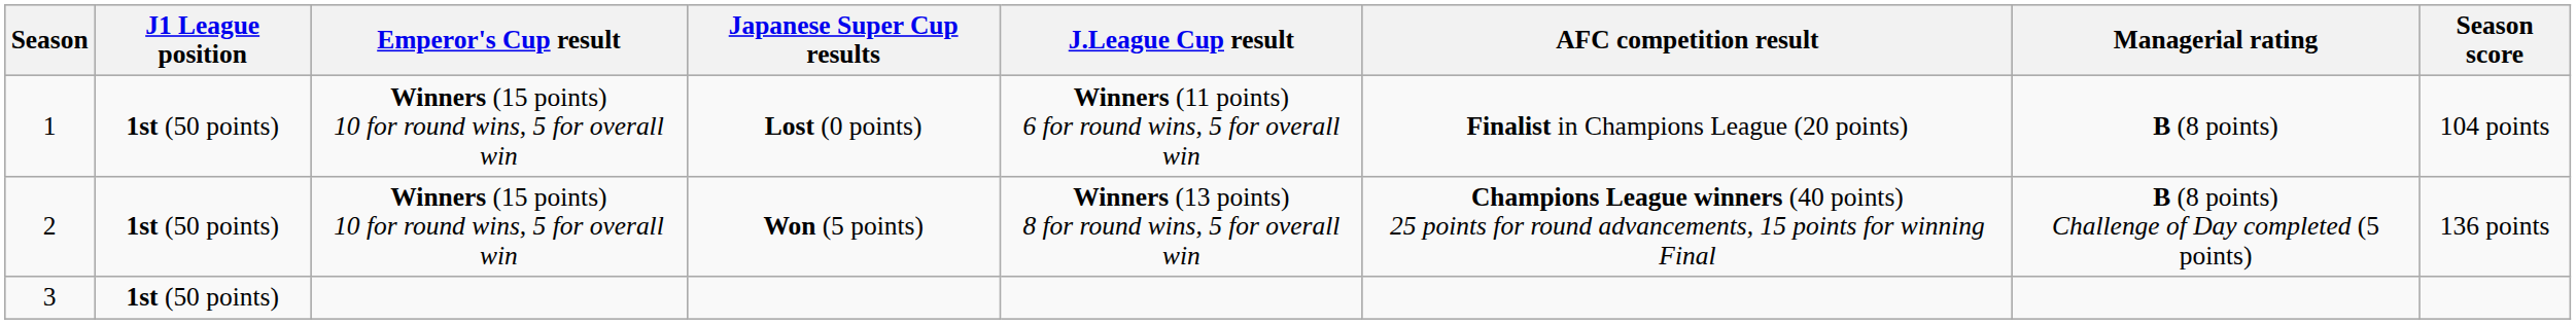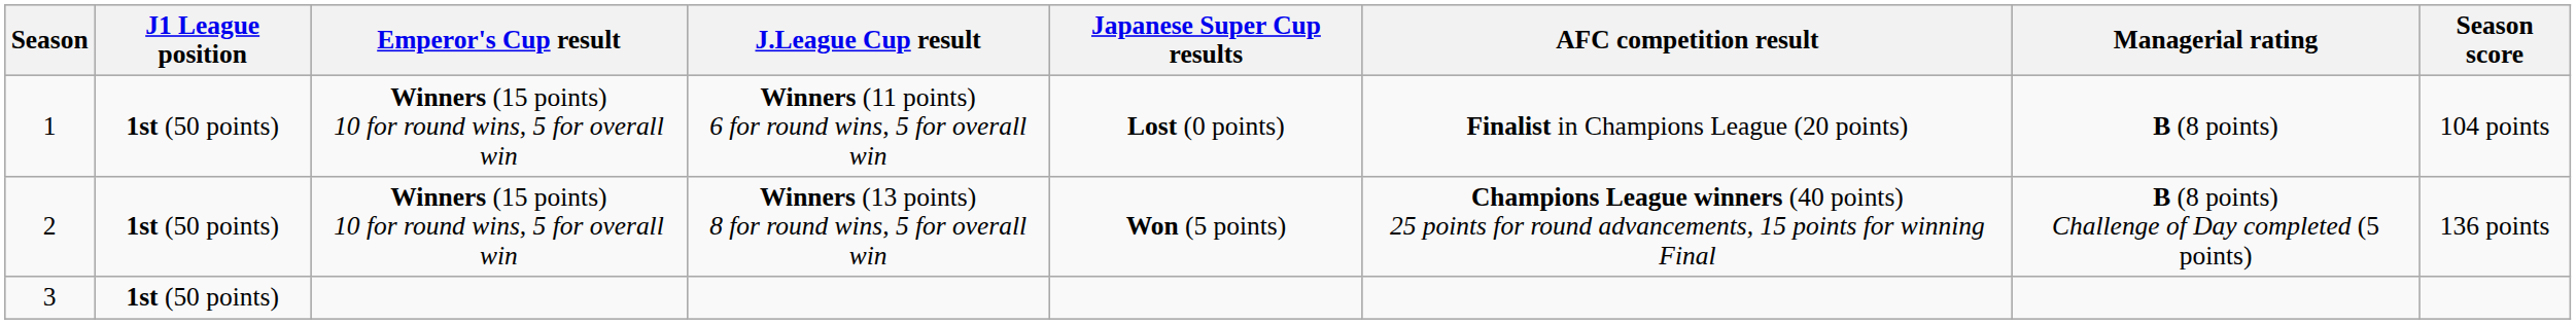 <table class="wikitable" style="text-align:center">
 <tr>
 <th>Season</th>
 <th><a href='#'>J1 League</a> position</th>
 <th><a href='#'>Emperor's Cup</a> result</th>
+<th><a href='#'>J.League Cup</a> result</th>
 <th><a href='#'>Japanese Super Cup</a> results</th>
-<th><a href='#'>J.League Cup</a> result</th>
 <th>AFC competition result</th>
 <th>Managerial rating</th>
 <th>Season score</th>
 </tr>
 <tr>
 <td>1</td>
 <td><strong>1st</strong> (50 points)</td>
 <td><strong>Winners</strong> (15 points)<br><em>10 for round wins, 5 for overall win</em></td>
+<td><strong>Winners</strong> (11 points)<br><em>6 for round wins, 5 for overall win</em></td>
 <td><strong>Lost</strong> (0 points)</td>
-<td><strong>Winners</strong> (11 points)<br><em>6 for round wins, 5 for overall win</em></td>
 <td><strong>Finalist</strong> in Champions League (20 points)</td>
 <td><strong>B</strong> (8 points)</td>
 <td>104 points</td>
 </tr>
 <tr>
 <td>2</td>
 <td><strong>1st</strong> (50 points)</td>
 <td><strong>Winners</strong> (15 points)<br><em>10 for round wins, 5 for overall win</em></td>
+<td><strong>Winners</strong> (13 points)<br><em>8 for round wins, 5 for overall win</em></td>
 <td><strong>Won</strong> (5 points)</td>
-<td><strong>Winners</strong> (13 points)<br><em>8 for round wins, 5 for overall win</em></td>
 <td><strong>Champions League winners</strong> (40 points)<br><em>25 points for round advancements, 15 points for winning Final</em></td>
 <td><strong>B</strong> (8 points)<br><em>Challenge of Day completed</em> (5 points)</td>
 <td>136 points</td>
 </tr>
 <tr>
 <td>3</td>
 <td><strong>1st</strong> (50 points)</td>
 <td></td>
 <td></td>
 <td></td>
 <td></td>
 <td></td>
 <td></td>
 </tr>
 </table>
